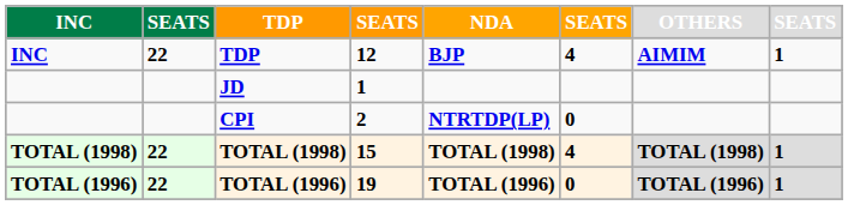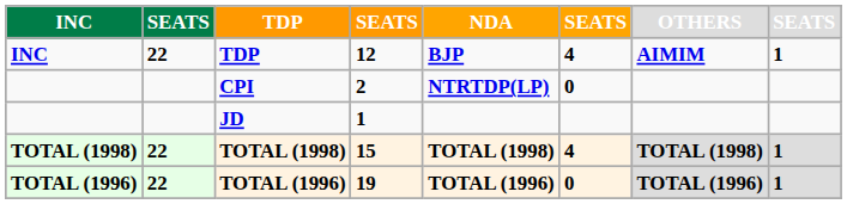 <table class="wikitable" style="font-weight: bold; font-size: x-small; font-family: verdana">
 <tr>
 <th style="background-color:#007D48; color:white">INC</th>
 <th style="background-color:#007D48; color:white">SEATS</th>
 <th style="background-color:#FF9900; color:white">TDP</th>
 <th style="background-color:#FF9900; color:white">SEATS</th>
 <th style="background-color:orange; color:white">NDA</th>
 <th style="background-color:orange; color:white">SEATS</th>
 <th style="background-color:#DDDDDD; color:white">OTHERS</th>
 <th style="background-color:#DDDDDD; color:white">SEATS</th>
 </tr>
 <tr --->
 <td><a href='#'>INC</a></td>
 <td>22</td>
 <td><a href='#'>TDP</a></td>
 <td>12</td>
 <td><a href='#'>BJP</a></td>
 <td>4</td>
 <td><a href='#'>AIMIM</a></td>
 <td>1</td>
 </tr>
 <tr --->
 <td></td>
 <td></td>
-<td><a href='#'>JD</a></td>
-<td>1</td>
-<td></td>
-<td></td>
+<td><a href='#'>CPI</a></td>
+<td>2</td>
+<td><a href='#'>NTRTDP(LP)</a></td>
+<td>0</td>
 <td></td>
 <td></td>
 </tr>
 <tr --->
 <td></td>
 <td></td>
-<td><a href='#'>CPI</a></td>
-<td>2</td>
-<td><a href='#'>NTRTDP(LP)</a></td>
-<td>0</td>
+<td><a href='#'>JD</a></td>
+<td>1</td>
+<td></td>
+<td></td>
 <td></td>
 <td></td>
 </tr>
 <tr --->
 <td bgcolor=#E6FFE6>TOTAL (1998)</td>
 <td bgcolor=#E6FFE6>22</td>
 <td bgcolor=#FFF3E1>TOTAL (1998)</td>
 <td bgcolor=#FFF3E1>15</td>
 <td bgcolor=#FFF3E1>TOTAL (1998)</td>
 <td bgcolor=#FFF3E1>4</td>
 <td bgcolor=#DDDDDD>TOTAL (1998)</td>
 <td bgcolor=#DDDDDD>1</td>
 </tr>
 <tr --->
 <td bgcolor=#E6FFE6>TOTAL (1996)</td>
 <td bgcolor=#E6FFE6>22</td>
 <td bgcolor=#FFF3E1>TOTAL (1996)</td>
 <td bgcolor=#FFF3E1>19</td>
 <td bgcolor=#FFF3E1>TOTAL (1996)</td>
 <td bgcolor=#FFF3E1>0</td>
 <td bgcolor=#DDDDDD>TOTAL (1996)</td>
 <td bgcolor=#DDDDDD>1</td>
 </tr>
 </table>
